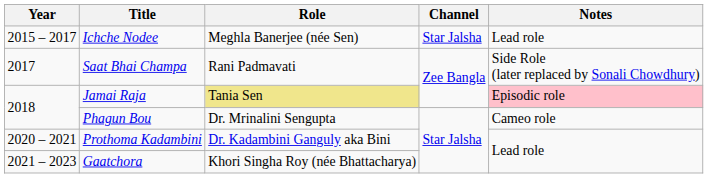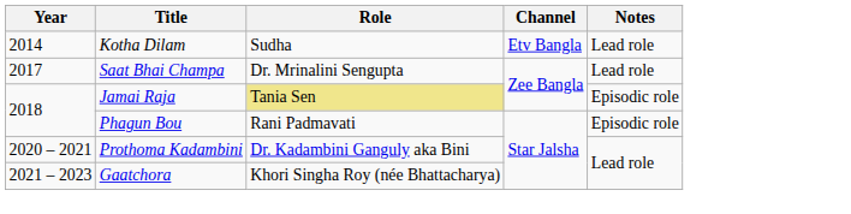 <table class="wikitable sortable">
 <tr>
 <th>Year</th>
 <th>Title</th>
 <th>Role</th>
 <th>Channel</th>
 <th>Notes</th>
 </tr>
 <tr>
-<td>2015 – 2017</td>
-<td><em><a href='#'>Ichche Nodee</a></em></td>
-<td>Meghla Banerjee (née Sen)</td>
-<td><a href='#'>Star Jalsha</a></td>
+<td>2014</td>
+<td><em>Kotha Dilam</em></td>
+<td>Sudha</td>
+<td><a href='#'>Etv Bangla</a></td>
 <td>Lead role</td>
 </tr>
 <tr>
 <td>2017</td>
 <td><em><a href='#'>Saat Bhai Champa</a></em></td>
-<td>Rani Padmavati</td>
+<td>Dr. Mrinalini Sengupta</td>
 <td rowspan="2"><a href='#'>Zee Bangla</a></td>
-<td>Side Role<br>(later  replaced by <a href='#'>Sonali Chowdhury</a>)</td>
+<td>Lead role</td>
 </tr>
 <tr>
 <td rowspan="2">2018</td>
 <td><em><a href='#'>Jamai Raja</a></em></td>
 <td style="background: khaki;">Tania Sen</td>
-<td style="background: pink;">Episodic role</td>
+<td>Episodic role</td>
 </tr>
 <tr>
 <td><em><a href='#'>Phagun Bou</a></em></td>
-<td>Dr. Mrinalini Sengupta</td>
+<td>Rani Padmavati</td>
 <td rowspan="3"><a href='#'>Star Jalsha</a></td>
-<td>Cameo role</td>
+<td>Episodic role</td>
 </tr>
 <tr>
 <td>2020 – 2021</td>
 <td><em><a href='#'>Prothoma Kadambini</a></em></td>
 <td><a href='#'>Dr. Kadambini Ganguly</a> aka Bini</td>
 <td rowspan="2">Lead role</td>
 </tr>
 <tr>
 <td>2021 – 2023</td>
 <td><em><a href='#'>Gaatchora</a></em></td>
 <td>Khori Singha Roy (née Bhattacharya)</td>
 </tr>
 </table>
